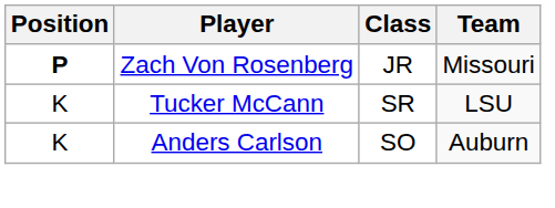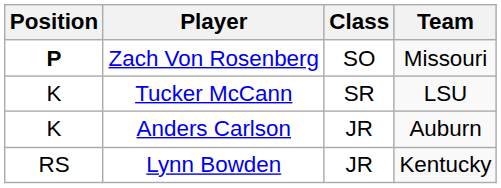 <table class="wikitable sortable">
 <tr>
 <th>Position</th>
 <th>Player</th>
 <th>Class</th>
 <th>Team</th>
 </tr>
 <tr style="text-align:center;">
 <td style="background:white"><strong>P</strong></td>
 <td style="background:white"><a href='#'>Zach Von Rosenberg</a></td>
-<td style="background:white">JR</td>
+<td style="background:white">SO</td>
 <td>Missouri</td>
 </tr>
 <tr style="text-align:center;">
 <td style="background:white">K</td>
 <td style="background:white"><a href='#'>Tucker McCann</a></td>
 <td style="background:white">SR</td>
 <td>LSU</td>
 </tr>
 <tr style="text-align:center;">
 <td style="background:white">K</td>
 <td style="background:white"><a href='#'>Anders Carlson</a></td>
-<td style="background:white">SO</td>
+<td style="background:white">JR</td>
 <td>Auburn</td>
 </tr>
+<tr style="text-align:center;">
+<td style="background:white">RS</td>
+<td style="background:white"><a href='#'>Lynn Bowden</a></td>
+<td style="background:white">JR</td>
+<td>Kentucky</td>
+</tr>
 </table>
